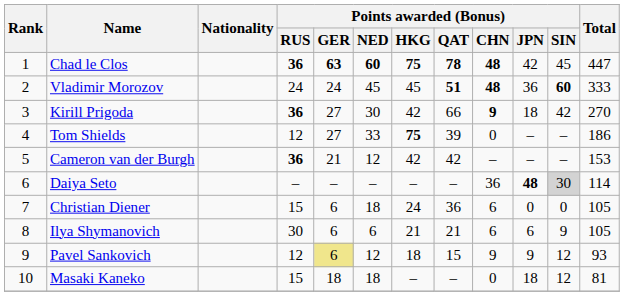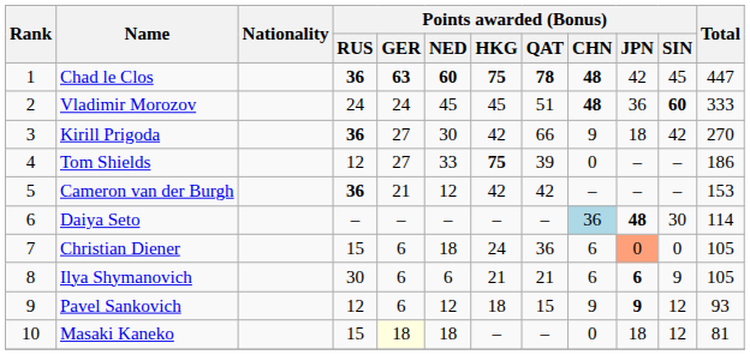 <table class="wikitable" style="text-align:center;">
 <tr>
 <th rowspan="2">Rank</th>
 <th rowspan="2">Name</th>
 <th rowspan="2">Nationality</th>
 <th colspan="8">Points awarded (Bonus)</th>
 <th rowspan="2">Total</th>
 </tr>
 <tr>
 <th>RUS</th>
 <th>GER</th>
 <th>NED</th>
 <th>HKG</th>
 <th>QAT</th>
 <th>CHN</th>
 <th>JPN</th>
 <th>SIN</th>
 </tr>
 <tr>
 <td>1</td>
 <td style="text-align:left;"><a href='#'>Chad le Clos</a></td>
 <td style="text-align:left;"></td>
 <td><strong>36</strong></td>
 <td><strong>63</strong></td>
 <td><strong>60</strong></td>
 <td><strong>75</strong></td>
 <td><strong>78</strong></td>
 <td><strong>48</strong></td>
 <td>42</td>
 <td>45</td>
 <td>447</td>
 </tr>
 <tr>
 <td>2</td>
 <td style="text-align:left;"><a href='#'>Vladimir Morozov</a></td>
 <td style="text-align:left;"></td>
 <td>24</td>
 <td>24</td>
 <td>45</td>
 <td>45</td>
-<td><strong>51</strong></td>
+<td>51</td>
 <td><strong>48</strong></td>
 <td>36</td>
 <td><strong>60</strong></td>
 <td>333</td>
 </tr>
 <tr>
 <td>3</td>
 <td style="text-align:left;"><a href='#'>Kirill Prigoda</a></td>
 <td style="text-align:left;"></td>
 <td><strong>36</strong></td>
 <td>27</td>
 <td>30</td>
 <td>42</td>
 <td>66</td>
-<td><strong>9</strong></td>
+<td>9</td>
 <td>18</td>
 <td>42</td>
 <td>270</td>
 </tr>
 <tr>
 <td>4</td>
 <td style="text-align:left;"><a href='#'>Tom Shields</a></td>
 <td style="text-align:left;"></td>
 <td>12</td>
 <td>27</td>
 <td>33</td>
 <td><strong>75</strong></td>
 <td>39</td>
 <td>0</td>
 <td>–</td>
 <td>–</td>
 <td>186</td>
 </tr>
 <tr>
 <td>5</td>
 <td style="text-align:left;"><a href='#'>Cameron van der Burgh</a></td>
 <td style="text-align:left;"></td>
 <td><strong>36</strong></td>
 <td>21</td>
 <td>12</td>
 <td>42</td>
 <td>42</td>
 <td>–</td>
 <td>–</td>
 <td>–</td>
 <td>153</td>
 </tr>
 <tr>
 <td>6</td>
 <td style="text-align:left;"><a href='#'>Daiya Seto</a></td>
 <td style="text-align:left;"></td>
 <td>–</td>
 <td>–</td>
 <td>–</td>
 <td>–</td>
 <td>–</td>
-<td>36</td>
+<td style="background: lightblue;">36</td>
 <td><strong>48</strong></td>
-<td style="background: lightgrey;">30</td>
+<td>30</td>
 <td>114</td>
 </tr>
 <tr>
 <td>7</td>
 <td style="text-align:left;"><a href='#'>Christian Diener</a></td>
 <td style="text-align:left;"></td>
 <td>15</td>
 <td>6</td>
 <td>18</td>
 <td>24</td>
 <td>36</td>
 <td>6</td>
-<td>0</td>
+<td style="background: lightsalmon;">0</td>
 <td>0</td>
 <td>105</td>
 </tr>
 <tr>
 <td>8</td>
 <td style="text-align:left;"><a href='#'>Ilya Shymanovich</a></td>
 <td style="text-align:left;"></td>
 <td>30</td>
 <td>6</td>
 <td>6</td>
 <td>21</td>
 <td>21</td>
 <td>6</td>
-<td>6</td>
+<td><strong>6</strong></td>
 <td>9</td>
 <td>105</td>
 </tr>
 <tr>
 <td>9</td>
 <td style="text-align:left;"><a href='#'>Pavel Sankovich</a></td>
 <td style="text-align:left;"></td>
 <td>12</td>
-<td style="background: khaki;">6</td>
+<td>6</td>
 <td>12</td>
 <td>18</td>
 <td>15</td>
 <td>9</td>
-<td>9</td>
+<td><strong>9</strong></td>
 <td>12</td>
 <td>93</td>
 </tr>
 <tr>
 <td>10</td>
 <td style="text-align:left;"><a href='#'>Masaki Kaneko</a></td>
 <td style="text-align:left;"></td>
 <td>15</td>
-<td>18</td>
+<td style="background: lightyellow;">18</td>
 <td>18</td>
 <td>–</td>
 <td>–</td>
 <td>0</td>
 <td>18</td>
 <td>12</td>
 <td>81</td>
 </tr>
 <tr>
 </tr>
 </table>
